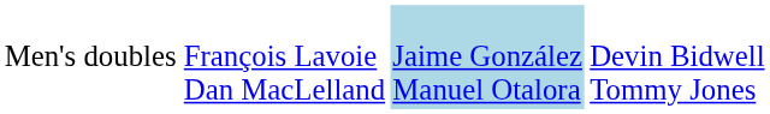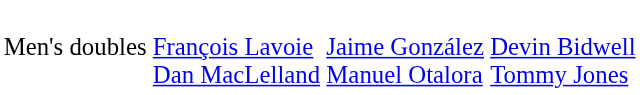 <table>
 <tr>
 </tr>
 <tr>
 <td>Men's doubles</td>
 <td><br><a href='#'>François Lavoie</a><br><a href='#'>Dan MacLelland</a></td>
-<td style="background: lightblue;"><br><a href='#'>Jaime González</a><br><a href='#'>Manuel Otalora</a></td>
+<td><br><a href='#'>Jaime González</a><br><a href='#'>Manuel Otalora</a></td>
 <td><br><a href='#'>Devin Bidwell</a><br><a href='#'>Tommy Jones</a></td>
 </tr>
 </table>
